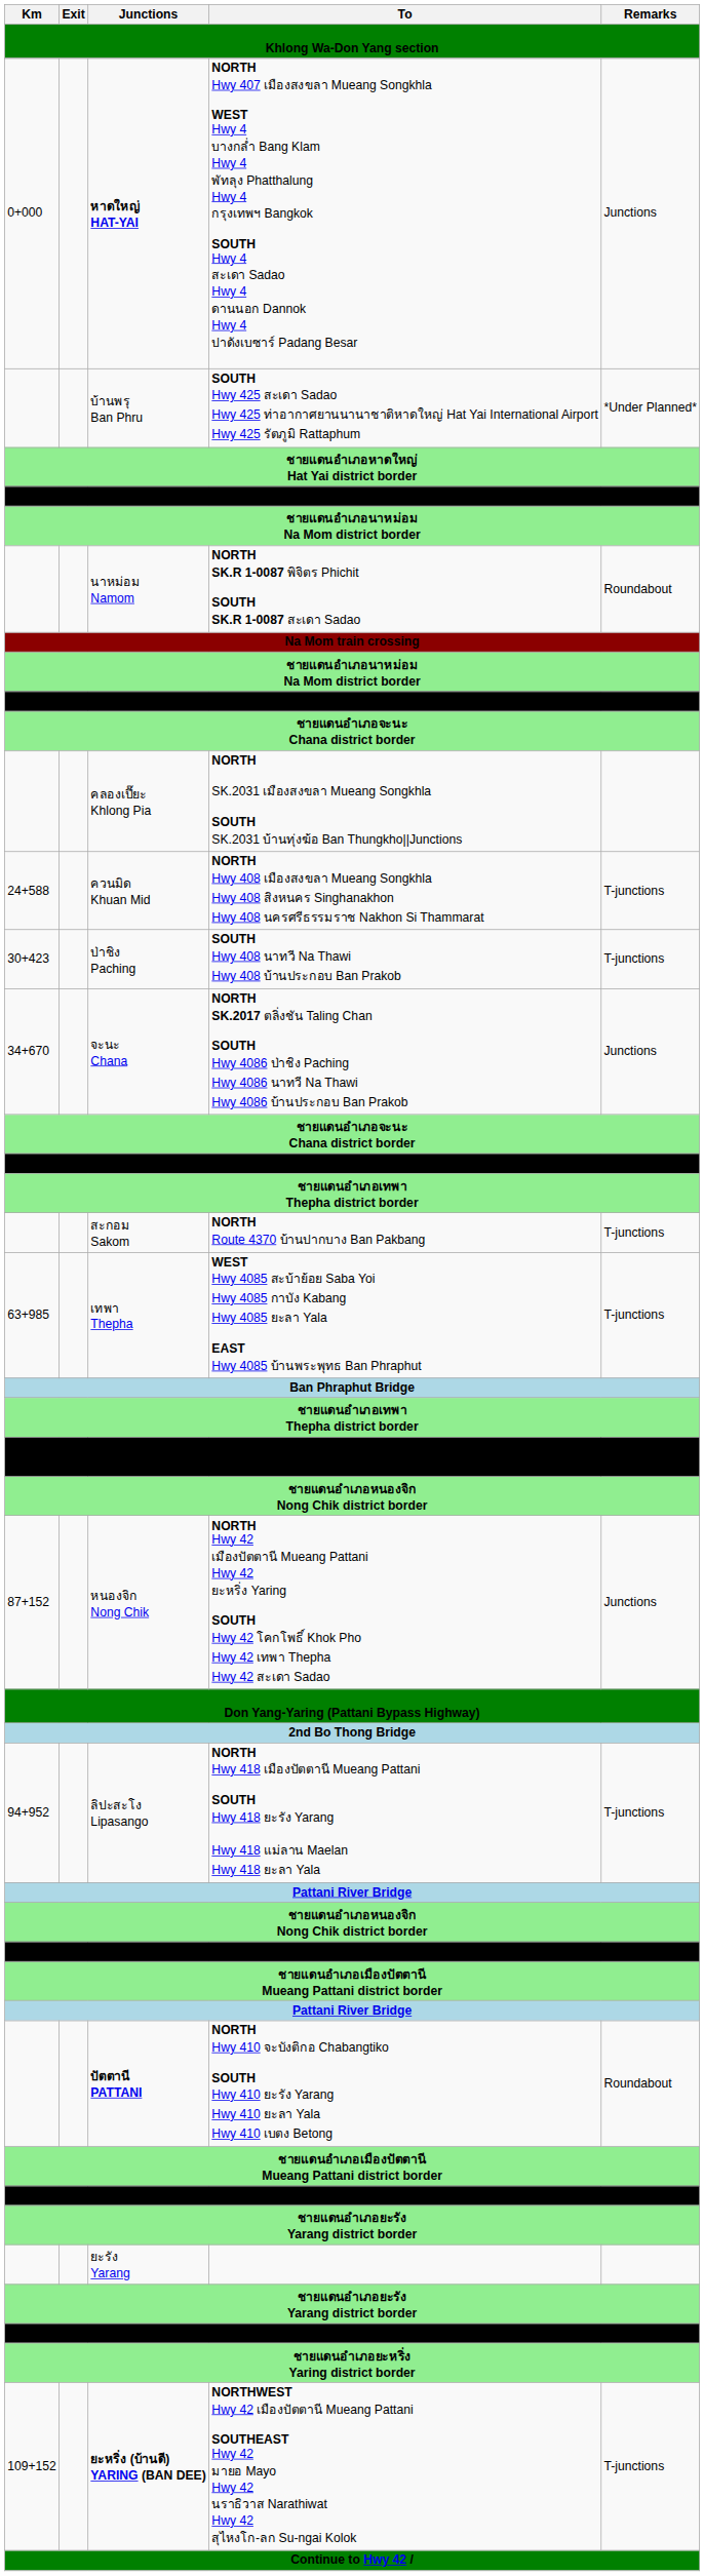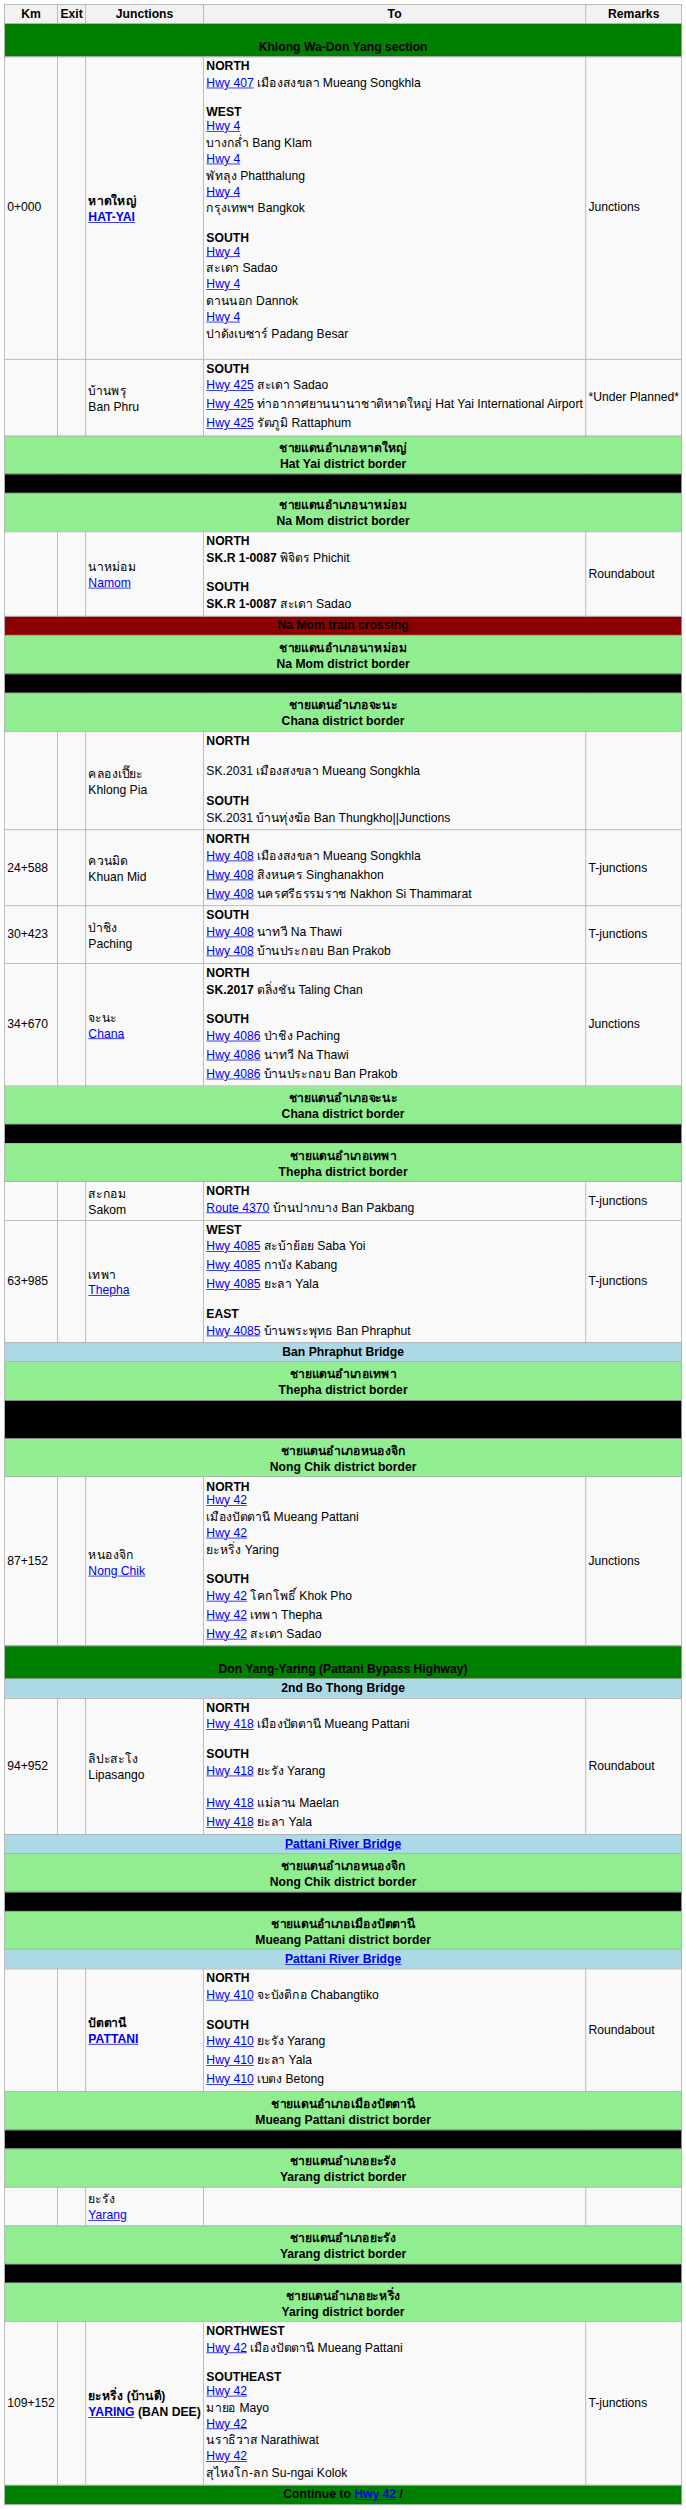 <table class="wikitable">
 <tr>
 <th>Km</th>
 <th>Exit</th>
 <th>Junctions</th>
 <th>To</th>
 <th>Remarks</th>
 </tr>
 <tr>
 <td colspan="6" style="width:600px; text-align:center; background:green;"><strong><br><span>Khlong Wa-Don Yang section</span></strong></td>
 </tr>
 <tr>
 </tr>
 <tr>
 <td>0+000</td>
 <td></td>
 <td><strong>หาดใหญ่</strong><br><strong><a href='#'>HAT-YAI</a></strong></td>
 <td><strong>NORTH</strong><br> <a href='#'>Hwy 407</a> เมืองสงขลา Mueang Songkhla<br><br><strong>WEST</strong><br> <a href='#'>Hwy 4</a><br> บางกล่ำ Bang Klam<br> <a href='#'>Hwy 4</a><br> พัทลุง Phatthalung<br> <a href='#'>Hwy 4</a><br> กรุงเทพฯ Bangkok<br><br><strong>SOUTH</strong><br> <a href='#'>Hwy 4</a><br> สะเดา Sadao<br> <a href='#'>Hwy 4</a><br> ดานนอก Dannok<br> <a href='#'>Hwy 4</a><br> ปาดังเบซาร์ Padang Besar<br><br></td>
 <td>Junctions</td>
 </tr>
 <tr>
 <td></td>
 <td></td>
 <td>บ้านพรุ<br>Ban Phru</td>
 <td><strong>SOUTH</strong><br> <a href='#'>Hwy 425</a> สะเดา Sadao<br> <a href='#'>Hwy 425</a> ท่าอากาศยานนานาชาติหาดใหญ่ Hat Yai International Airport<br> <a href='#'>Hwy 425</a> รัตภูมิ Rattaphum</td>
 <td>*Under Planned*</td>
 </tr>
 <tr>
 <td colspan="6" style="width:600px; text-align:center; background:lightgreen;"><strong><span>ชายแดนอำเภอหาดใหญ่<br>Hat Yai district border</span></strong></td>
 </tr>
 <tr>
 <td colspan="6" style="width:600px; text-align:center; background:black;"><strong><span>Hat Yai-Na Mom border</span></strong></td>
 </tr>
 <tr>
 <td colspan="6" style="width:600px; text-align:center; background:lightgreen;"><strong><span>ชายแดนอำเภอนาหม่อม<br>Na Mom district border</span></strong></td>
 </tr>
 <tr>
 <td></td>
 <td></td>
 <td>นาหม่อม<br><a href='#'>Namom</a></td>
 <td><strong>NORTH</strong><br><strong>SK.R 1-0087</strong> พิจิตร Phichit<br><br><strong>SOUTH</strong><br><strong>SK.R 1-0087</strong> สะเดา Sadao</td>
 <td>Roundabout</td>
 </tr>
 <tr>
 <td colspan="6" style="width:600px; text-align:center; background:darkred;"><strong><span>Na Mom train crossing</span></strong></td>
 </tr>
 <tr>
 <td colspan="6" style="width:600px; text-align:center; background:lightgreen;"><strong><span>ชายแดนอำเภอนาหม่อม<br>Na Mom district border</span></strong></td>
 </tr>
 <tr>
 <td colspan="6" style="width:600px; text-align:center; background:black;"><strong><span>Na Mom-Chana border</span></strong></td>
 </tr>
 <tr>
 <td colspan="6" style="width:600px; text-align:center; background:lightgreen;"><strong><span>ชายแดนอำเภอจะนะ<br>Chana district border</span></strong></td>
 </tr>
 <tr>
 <td></td>
 <td></td>
 <td>คลองเปี๊ยะ<br>Khlong Pia</td>
 <td><strong>NORTH</strong><br><br>SK.2031 เมืองสงขลา Mueang Songkhla<br><br><strong>SOUTH</strong><br> SK.2031 บ้านทุ่งฆ้อ Ban Thungkho||Junctions</td>
 </tr>
 <tr>
 <td>24+588</td>
 <td></td>
 <td>ควนมิด<br>Khuan Mid</td>
 <td><strong>NORTH</strong><br> <a href='#'>Hwy 408</a> เมืองสงขลา Mueang Songkhla<br> <a href='#'>Hwy 408</a> สิงหนคร Singhanakhon<br> <a href='#'>Hwy 408</a> นครศรีธรรมราช Nakhon Si Thammarat</td>
 <td>T-junctions</td>
 </tr>
 <tr>
 <td>30+423</td>
 <td></td>
 <td>ป่าชิง<br>Paching</td>
 <td><strong>SOUTH</strong><br> <a href='#'>Hwy 408</a> นาทวี Na Thawi<br> <a href='#'>Hwy 408</a> บ้านประกอบ Ban Prakob</td>
 <td>T-junctions</td>
 </tr>
 <tr>
 <td>34+670</td>
 <td></td>
 <td>จะนะ<br><a href='#'>Chana</a></td>
 <td><strong>NORTH</strong><br><strong>SK.2017</strong> ตลิ่งชัน Taling Chan<br><br><strong>SOUTH</strong><br> <a href='#'>Hwy 4086</a> ป่าชิง Paching<br> <a href='#'>Hwy 4086</a> นาทวี Na Thawi<br> <a href='#'>Hwy 4086</a> บ้านประกอบ Ban Prakob</td>
 <td>Junctions</td>
 </tr>
 <tr>
 <td colspan="6" style="width:600px; text-align:center; background:lightgreen;"><strong><span>ชายแดนอำเภอจะนะ<br>Chana district border</span></strong></td>
 </tr>
 <tr>
 <td colspan="6" style="width:600px; text-align:center; background:black;"><strong><span>Chana-Thepha border</span></strong></td>
 </tr>
 <tr>
 <td colspan="6" style="width:600px; text-align:center; background:lightgreen;"><strong><span>ชายแดนอำเภอเทพา<br>Thepha district border</span></strong></td>
 </tr>
 <tr>
 <td></td>
 <td></td>
 <td>สะกอม<br>Sakom</td>
 <td><strong>NORTH</strong><br> <a href='#'>Route 4370</a> บ้านปากบาง Ban Pakbang</td>
 <td>T-junctions</td>
 </tr>
 <tr>
 <td>63+985</td>
 <td></td>
 <td>เทพา<br><a href='#'>Thepha</a></td>
 <td><strong>WEST</strong><br> <a href='#'>Hwy 4085</a> สะบ้าย้อย Saba Yoi<br> <a href='#'>Hwy 4085</a> กาบัง Kabang<br> <a href='#'>Hwy 4085</a> ยะลา Yala<br><br><strong>EAST</strong><br> <a href='#'>Hwy 4085</a> บ้านพระพุทธ Ban Phraphut</td>
 <td>T-junctions</td>
 </tr>
 <tr>
 <td colspan="6" style="width:600px; text-align:center; background:lightblue;"><strong><span>Ban Phraphut Bridge</span></strong></td>
 </tr>
 <tr>
 <td colspan="6" style="width:600px; text-align:center; background:lightgreen;"><strong><span>ชายแดนอำเภอเทพา<br>Thepha district border</span></strong></td>
 </tr>
 <tr>
 <td colspan="6" style="width:600px; text-align:center; background:black;"><strong><span>ชายแดนจังหวัดสงขลา-ปัตตานี<br>Songkhla-Pattani provincial border</span></strong></td>
 </tr>
 <tr>
 <td colspan="6" style="width:600px; text-align:center; background:lightgreen;"><strong><span>ชายแดนอำเภอหนองจิก<br>Nong Chik district border</span></strong></td>
 </tr>
 <tr>
 <td>87+152</td>
 <td></td>
 <td>หนองจิก<br><a href='#'>Nong Chik</a></td>
 <td><strong>NORTH</strong><br> <a href='#'>Hwy 42</a><br> เมืองปัตตานี Mueang Pattani<br> <a href='#'>Hwy 42</a><br> ยะหริ่ง Yaring<br><br><strong>SOUTH</strong><br> <a href='#'>Hwy 42</a> โคกโพธิ์ Khok Pho<br> <a href='#'>Hwy 42</a> เทพา Thepha<br> <a href='#'>Hwy 42</a> สะเดา Sadao</td>
 <td>Junctions</td>
 </tr>
 <tr>
 <td colspan="6" style="width:600px; text-align:center; background:green;"><strong><br><span>Don Yang-Yaring (Pattani Bypass Highway)</span></strong></td>
 </tr>
 <tr>
 <td colspan="6" style="width:600px; text-align:center; background:lightblue;"><strong><span>2nd Bo Thong Bridge</span></strong></td>
 </tr>
 <tr>
 <td>94+952</td>
 <td></td>
 <td>ลิปะสะโง<br>Lipasango</td>
 <td><strong>NORTH</strong><br> <a href='#'>Hwy 418</a> เมืองปัตตานี Mueang Pattani<br><br><strong>SOUTH</strong><br> <a href='#'>Hwy 418</a> ยะรัง Yarang<br><br> <a href='#'>Hwy 418</a> แม่ลาน Maelan<br> <a href='#'>Hwy 418</a> ยะลา Yala</td>
-<td>T-junctions</td>
+<td>Roundabout</td>
 </tr>
 <tr>
 <td colspan="6" style="width:600px; text-align:center; background:lightblue;"><strong><span><a href='#'>Pattani River Bridge</a></span></strong></td>
 </tr>
 <tr>
 <td colspan="6" style="width:600px; text-align:center; background:lightgreen;"><strong><span>ชายแดนอำเภอหนองจิก<br>Nong Chik district border</span></strong></td>
 </tr>
 <tr>
 <td colspan="6" style="width:600px; text-align:center; background:black;"><strong><span>Nong Chik-Mueang Pattani border</span></strong></td>
 </tr>
 <tr>
 <td colspan="6" style="width:600px; text-align:center; background:lightgreen;"><strong><span>ชายแดนอำเภอเมืองปัตตานี<br>Mueang Pattani district border</span></strong></td>
 </tr>
 <tr>
 <td colspan="6" style="width:600px; text-align:center; background:lightblue;"><strong><span><a href='#'>Pattani River Bridge</a></span></strong></td>
 </tr>
 <tr>
 <td></td>
 <td></td>
 <td><strong>ปัตตานี</strong><br><strong><a href='#'>PATTANI</a></strong></td>
 <td><strong>NORTH</strong><br> <a href='#'>Hwy 410</a> จะบังติกอ Chabangtiko<br><br><strong>SOUTH</strong><br> <a href='#'>Hwy 410</a> ยะรัง Yarang<br> <a href='#'>Hwy 410</a> ยะลา Yala<br> <a href='#'>Hwy 410</a> เบตง Betong</td>
 <td>Roundabout</td>
 </tr>
 <tr>
 <td colspan="6" style="width:600px; text-align:center; background:lightgreen;"><strong><span>ชายแดนอำเภอเมืองปัตตานี<br>Mueang Pattani district border</span></strong></td>
 </tr>
 <tr>
 <td colspan="6" style="width:600px; text-align:center; background:black;"><strong><span>Mueang Pattani-Yarang border</span></strong></td>
 </tr>
 <tr>
 <td colspan="6" style="width:600px; text-align:center; background:lightgreen;"><strong><span>ชายแดนอำเภอยะรัง<br>Yarang district border</span></strong></td>
 </tr>
 <tr>
 <td></td>
 <td></td>
 <td>ยะรัง<br><a href='#'>Yarang</a></td>
 <td></td>
 <td></td>
 </tr>
 <tr>
 <td colspan="6" style="width:600px; text-align:center; background:lightgreen;"><strong><span>ชายแดนอำเภอยะรัง<br>Yarang district border</span></strong></td>
 </tr>
 <tr>
 <td colspan="6" style="width:600px; text-align:center; background:black;"><strong><span>Yarang-Yaring district border</span></strong></td>
 </tr>
 <tr>
 <td colspan="6" style="width:600px; text-align:center; background:lightgreen;"><strong><span>ชายแดนอำเภอยะหริ่ง<br>Yaring district border</span></strong></td>
 </tr>
 <tr>
 <td>109+152</td>
 <td></td>
 <td><strong>ยะหริ่ง (บ้านดี)</strong><br><strong><a href='#'>YARING</a> (BAN DEE) </strong></td>
 <td><strong>NORTHWEST</strong><br> <a href='#'>Hwy 42</a> เมืองปัตตานี Mueang Pattani<br><br><strong>SOUTHEAST</strong><br> <a href='#'>Hwy 42</a><br> มายอ Mayo<br> <a href='#'>Hwy 42</a><br> นราธิวาส Narathiwat<br> <a href='#'>Hwy 42</a><br> สุไหงโก-ลก Su-ngai Kolok</td>
 <td>T-junctions</td>
 </tr>
 <tr>
 <td colspan="6" style="width:600px; text-align:center; background:green;"><strong><span> Continue to  <a href='#'>Hwy 42</a> / </span></strong></td>
 </tr>
 </table>
